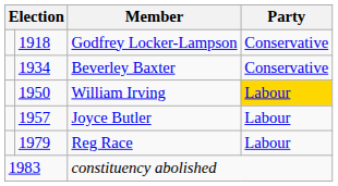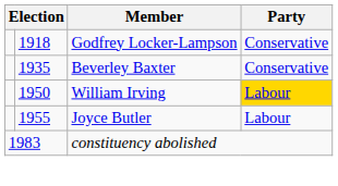 <table class="wikitable">
 <tr>
 <th colspan="2">Election</th>
 <th>Member</th>
 <th>Party</th>
 </tr>
 <tr>
 <td style="color:inherit;background-color: "></td>
 <td><a href='#'>1918</a></td>
 <td><a href='#'>Godfrey Locker-Lampson</a></td>
 <td><a href='#'>Conservative</a></td>
 </tr>
 <tr>
 <td style="color:inherit;background-color: "></td>
-<td><a href='#'>1934</a></td>
+<td><a href='#'>1935</a></td>
 <td><a href='#'>Beverley Baxter</a></td>
 <td><a href='#'>Conservative</a></td>
 </tr>
 <tr>
 <td style="color:inherit;background-color: "></td>
 <td><a href='#'>1950</a></td>
 <td><a href='#'>William Irving</a></td>
 <td style="background: gold;"><a href='#'>Labour</a></td>
 </tr>
 <tr>
 <td style="color:inherit;background-color: "></td>
-<td><a href='#'>1957</a></td>
+<td><a href='#'>1955</a></td>
 <td><a href='#'>Joyce Butler</a></td>
-<td><a href='#'>Labour</a></td>
-</tr>
-<tr>
-<td style="color:inherit;background-color: "></td>
-<td><a href='#'>1979</a></td>
-<td><a href='#'>Reg Race</a></td>
 <td><a href='#'>Labour</a></td>
 </tr>
 <tr>
 <td colspan="2"><a href='#'>1983</a></td>
 <td colspan="2"><em>constituency abolished</em></td>
 </tr>
 </table>
